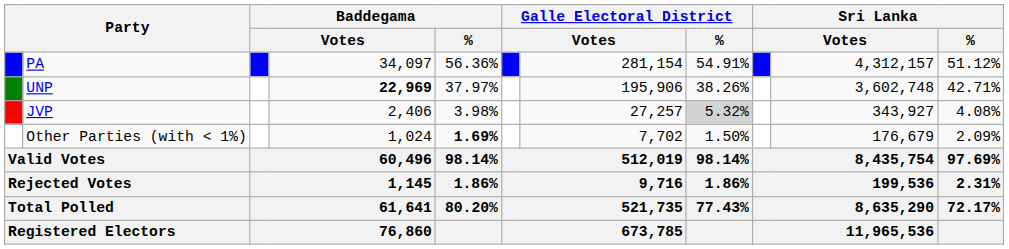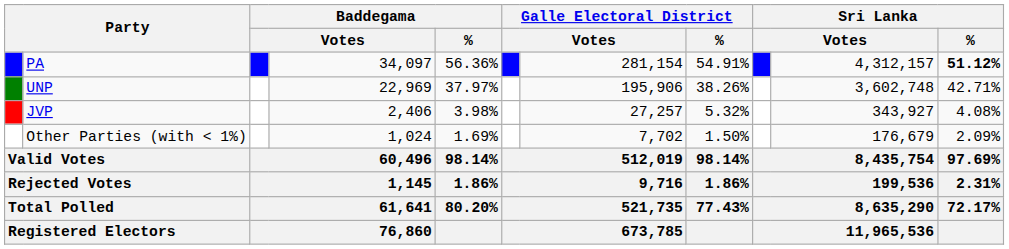 <table class="wikitable">
 <tr>
 <th colspan="2" width="144px"rowspan="2">Party</th>
 <th colspan="3" width="216px">Baddegama</th>
 <th colspan="3" width="216px"><a href='#'>Galle Electoral District</a></th>
 <th colspan="3" width="216px">Sri Lanka</th>
 </tr>
 <tr>
 <th colspan="2" width="144px">Votes</th>
 <th>%</th>
 <th colspan="2" width="144px">Votes</th>
 <th>%</th>
 <th colspan="2" width="144px">Votes</th>
 <th>%</th>
 </tr>
 <tr>
 <td style="background-color:blue;" width="10px"></td>
 <td style="text-align:left;"><a href='#'>PA</a></td>
 <td style="background-color:blue;" width="10px"></td>
 <td style="text-align:right;">34,097</td>
 <td style="text-align:right;">56.36%</td>
 <td style="background-color:blue;" width="10px"></td>
 <td style="text-align:right;">281,154</td>
 <td style="text-align:right;">54.91%</td>
 <td style="background-color:blue;" width="10px"></td>
 <td style="text-align:right;">4,312,157</td>
-<td style="text-align:right;">51.12%</td>
+<td style="text-align:right;"><strong>51.12%</strong></td>
 </tr>
 <tr>
 <td style="background-color:green;" width="10px"></td>
 <td style="text-align:left;"><a href='#'>UNP</a></td>
 <td style="background-color:white;" width="10px"></td>
-<td style="text-align:right;"><strong>22,969</strong></td>
+<td style="text-align:right;">22,969</td>
 <td style="text-align:right;">37.97%</td>
 <td style="background-color:white;" width="10px"></td>
 <td style="text-align:right;">195,906</td>
 <td style="text-align:right;">38.26%</td>
 <td style="background-color:white;" width="10px"></td>
 <td style="text-align:right;">3,602,748</td>
 <td style="text-align:right;">42.71%</td>
 </tr>
 <tr>
 <td style="background-color:red;" width="10px"></td>
 <td style="text-align:left;"><a href='#'>JVP</a></td>
 <td style="background-color:white;" width="10px"></td>
 <td style="text-align:right;">2,406</td>
 <td style="text-align:right;">3.98%</td>
 <td style="background-color:white;" width="10px"></td>
 <td style="text-align:right;">27,257</td>
-<td style="background: lightgrey; text-align:right;">5.32%</td>
+<td style="text-align:right;">5.32%</td>
 <td style="background-color:white;" width="10px"></td>
 <td style="text-align:right;">343,927</td>
 <td style="text-align:right;">4.08%</td>
 </tr>
 <tr>
 <td style="background-color:white;" width="10px"></td>
 <td style="text-align:left;">Other Parties (with < 1%)</td>
 <td style="background-color:white;" width="10px"></td>
 <td style="text-align:right;">1,024</td>
-<td style="text-align:right;"><strong>1.69%</strong></td>
+<td style="text-align:right;">1.69%</td>
 <td style="background-color:white;" width="10px"></td>
 <td style="text-align:right;">7,702</td>
 <td style="text-align:right;">1.50%</td>
 <td style="background-color:white;" width="10px"></td>
 <td style="text-align:right;">176,679</td>
 <td style="text-align:right;">2.09%</td>
 </tr>
 <tr>
 <th colspan="2" width="144px"style="text-align:left;">Valid Votes</th>
 <th style="text-align:right;"colspan="2" width="144px">60,496</th>
 <th style="text-align:right;">98.14%</th>
 <th style="text-align:right;"colspan="2" width="144px">512,019</th>
 <th style="text-align:right;">98.14%</th>
 <th style="text-align:right;"colspan="2" width="144px">8,435,754</th>
 <th style="text-align:right;">97.69%</th>
 </tr>
 <tr>
 <th colspan="2" width="144px"style="text-align:left;">Rejected Votes</th>
 <th style="text-align:right;"colspan="2" width="144px">1,145</th>
 <th style="text-align:right;">1.86%</th>
 <th style="text-align:right;"colspan="2" width="144px">9,716</th>
 <th style="text-align:right;">1.86%</th>
 <th style="text-align:right;"colspan="2" width="144px">199,536</th>
 <th style="text-align:right;">2.31%</th>
 </tr>
 <tr>
 <th colspan="2" width="144px"style="text-align:left;">Total Polled</th>
 <th style="text-align:right;"colspan="2" width="144px">61,641</th>
 <th style="text-align:right;">80.20%</th>
 <th style="text-align:right;"colspan="2" width="144px">521,735</th>
 <th style="text-align:right;">77.43%</th>
 <th style="text-align:right;"colspan="2" width="144px">8,635,290</th>
 <th style="text-align:right;">72.17%</th>
 </tr>
 <tr>
 <th colspan="2" width="144px"style="text-align:left;">Registered Electors</th>
 <th style="text-align:right;"colspan="2" width="144px">76,860</th>
 <th></th>
 <th style="text-align:right;"colspan="2" width="144px">673,785</th>
 <th></th>
 <th style="text-align:right;"colspan="2" width="144px">11,965,536</th>
 <th></th>
 </tr>
 </table>
